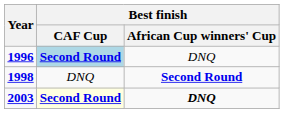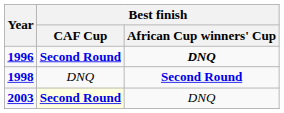 <table Class="wikitable" style="text-align: center;">
 <tr>
 <th rowspan="2">Year</th>
 <th colspan="7">Best finish</th>
 </tr>
 <tr>
 <th>CAF Cup</th>
 <th>African Cup winners' Cup</th>
 </tr>
 <tr>
 <td><strong><a href='#'>1996</a></strong></td>
-<td style="background: lightblue;"><strong><a href='#'>Second Round</a></strong></td>
-<td><em>DNQ</em></td>
+<td><strong><a href='#'>Second Round</a></strong></td>
+<td><strong><em>DNQ</em></strong></td>
 </tr>
 <tr>
 <td><strong><a href='#'>1998</a></strong></td>
 <td><em>DNQ</em></td>
 <td><strong><a href='#'>Second Round</a></strong></td>
 </tr>
 <tr>
 <td><strong><a href='#'>2003</a></strong></td>
 <td style="background: lightyellow;"><strong><a href='#'>Second Round</a></strong></td>
-<td><strong><em>DNQ</em></strong></td>
+<td><em>DNQ</em></td>
 </tr>
 </table>
